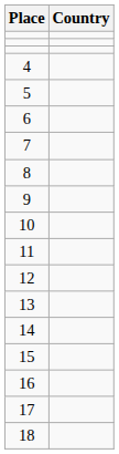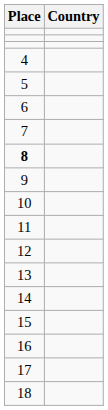 <table class="wikitable" style="font-size:95%;">
 <tr>
 <th>Place</th>
 <th>Country</th>
 </tr>
 <tr>
 <td align=center></td>
 <td></td>
 </tr>
 <tr>
 <td align=center></td>
 <td></td>
 </tr>
 <tr>
 <td align=center></td>
 <td></td>
 </tr>
 <tr>
 <td align=center>4</td>
 <td></td>
 </tr>
 <tr>
 <td align=center>5</td>
 <td></td>
 </tr>
 <tr>
 <td align=center>6</td>
 <td></td>
 </tr>
 <tr>
 <td align=center>7</td>
 <td></td>
 </tr>
 <tr>
-<td align=center>8</td>
+<td align=center><strong>8</strong></td>
 <td></td>
 </tr>
 <tr>
 <td align=center>9</td>
 <td></td>
 </tr>
 <tr>
 <td align=center>10</td>
 <td></td>
 </tr>
 <tr>
 <td align=center>11</td>
 <td></td>
 </tr>
 <tr>
 <td align=center>12</td>
 <td></td>
 </tr>
 <tr>
 <td align=center>13</td>
 <td></td>
 </tr>
 <tr>
 <td align=center>14</td>
 <td></td>
 </tr>
 <tr>
 <td align=center>15</td>
 <td></td>
 </tr>
 <tr>
 <td align=center>16</td>
 <td></td>
 </tr>
 <tr>
 <td align=center>17</td>
 <td></td>
 </tr>
 <tr>
 <td align=center>18</td>
 <td></td>
 </tr>
 </table>
